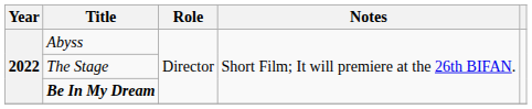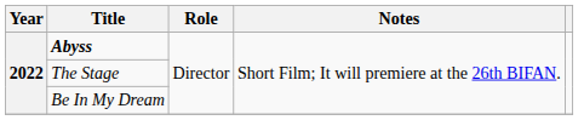 <table class="wikitable  plainrowheaders">
 <tr>
 <th scope="col">Year</th>
 <th scope="col">Title</th>
 <th scope="col">Role</th>
 <th scope="col">Notes</th>
 <th scope="col" class="unsortable"></th>
 </tr>
 <tr>
 <th scope="row" rowspan=3>2022</th>
-<td><em>Abyss</em></td>
+<td><strong><em>Abyss</em></strong></td>
 <td rowspan=3>Director</td>
 <td rowspan=3>Short Film; It will premiere at the <a href='#'>26th BIFAN</a>.</td>
 <td rowspan=3></td>
 </tr>
 <tr>
 <td><em>The Stage</em></td>
 </tr>
 <tr>
-<td><strong><em>Be In My Dream</em></strong></td>
+<td><em>Be In My Dream</em></td>
 </tr>
 <tr>
 </tr>
 </table>
